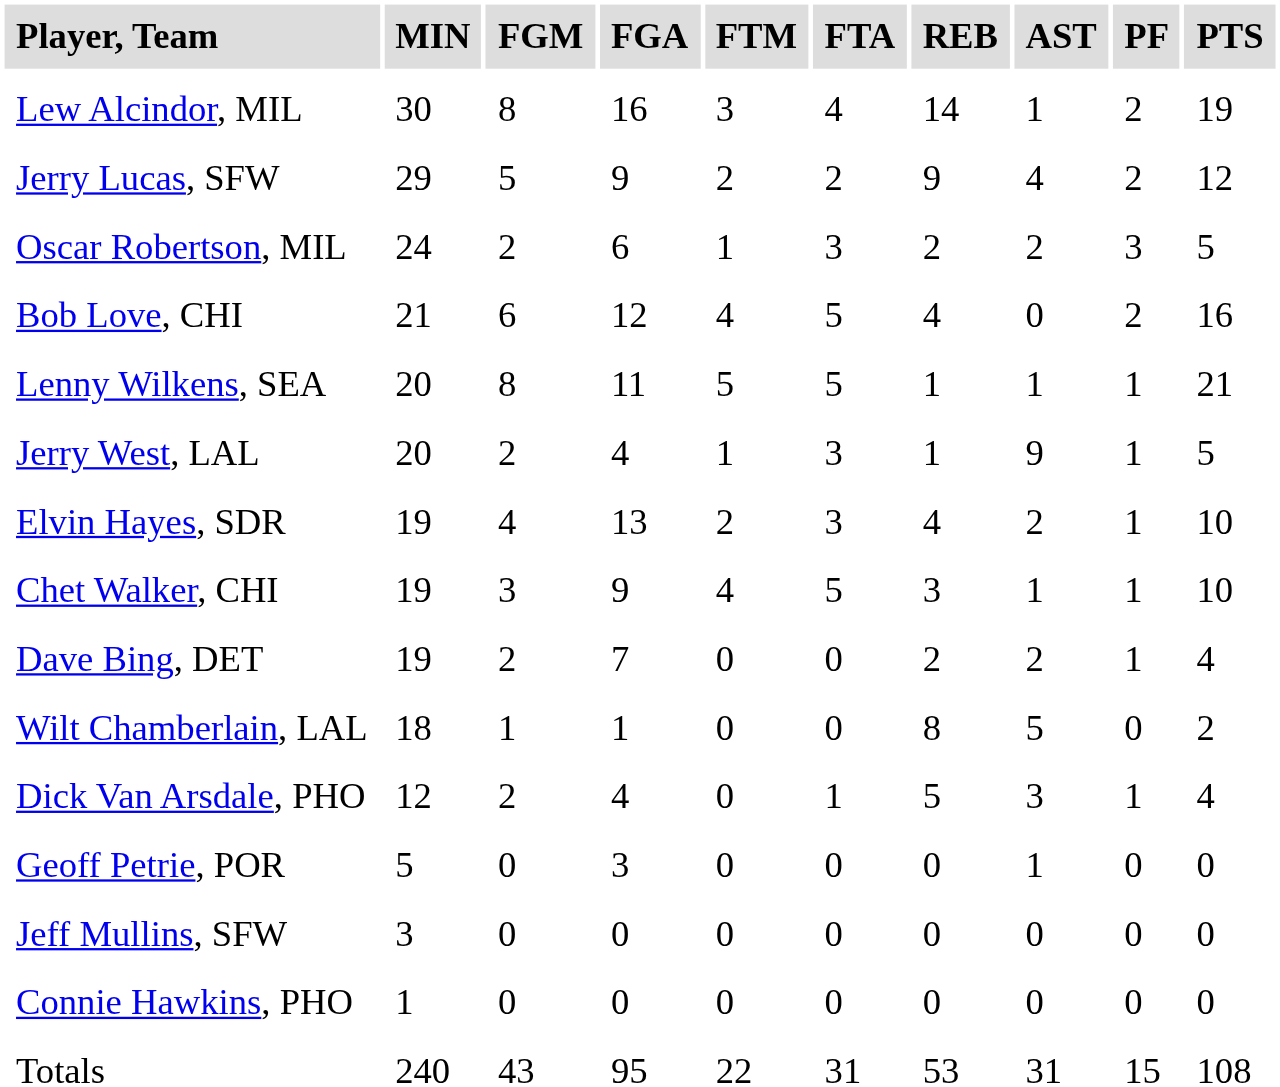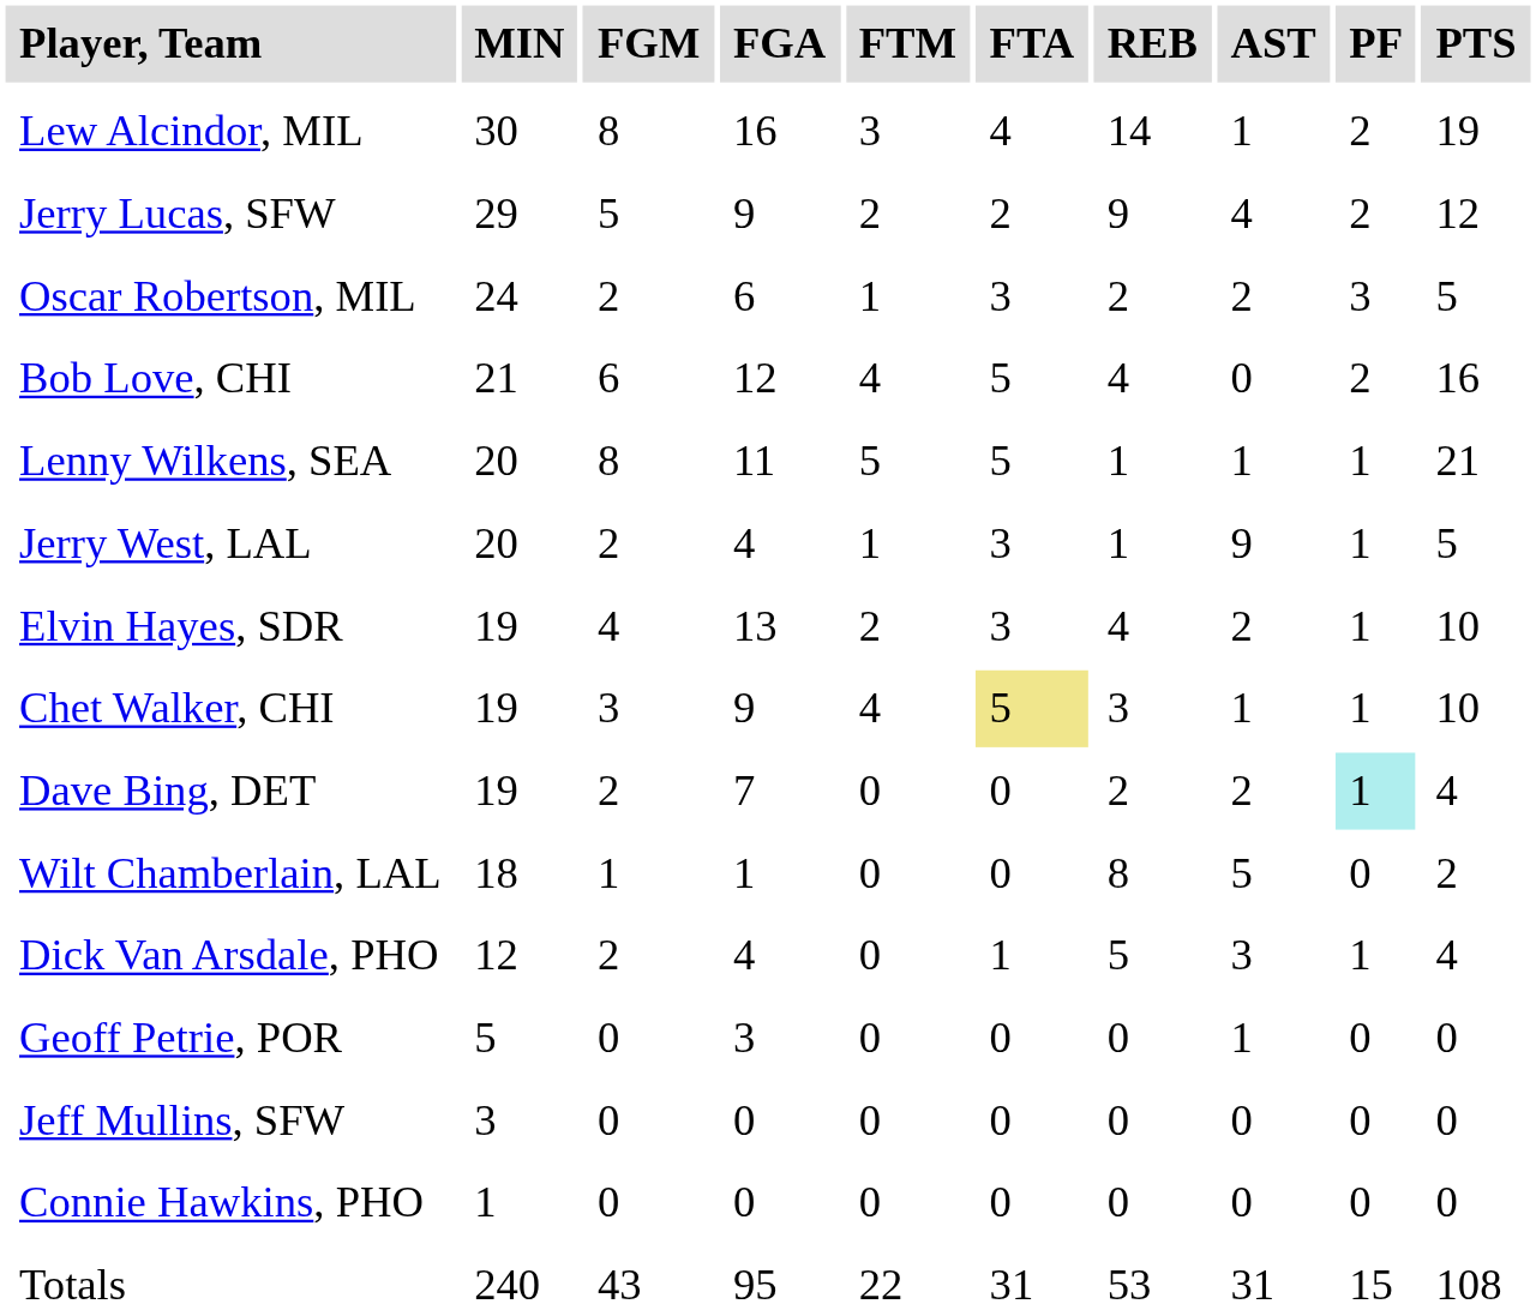 <table cellpadding=5>
 <tr bgcolor="#dddddd">
 <td><strong>Player, Team</strong></td>
 <td><strong>MIN</strong></td>
 <td><strong>FGM</strong></td>
 <td><strong>FGA</strong></td>
 <td><strong>FTM</strong></td>
 <td><strong>FTA</strong></td>
 <td><strong>REB</strong></td>
 <td><strong>AST</strong></td>
 <td><strong>PF</strong></td>
 <td><strong>PTS</strong></td>
 </tr>
 <tr bgcolor="#eeeeee">
 </tr>
 <tr>
 <td><a href='#'>Lew Alcindor</a>, MIL</td>
 <td>30</td>
 <td>8</td>
 <td>16</td>
 <td>3</td>
 <td>4</td>
 <td>14</td>
 <td>1</td>
 <td>2</td>
 <td>19</td>
 </tr>
 <tr>
 <td><a href='#'>Jerry Lucas</a>, SFW</td>
 <td>29</td>
 <td>5</td>
 <td>9</td>
 <td>2</td>
 <td>2</td>
 <td>9</td>
 <td>4</td>
 <td>2</td>
 <td>12</td>
 </tr>
 <tr>
 <td><a href='#'>Oscar Robertson</a>, MIL</td>
 <td>24</td>
 <td>2</td>
 <td>6</td>
 <td>1</td>
 <td>3</td>
 <td>2</td>
 <td>2</td>
 <td>3</td>
 <td>5</td>
 </tr>
 <tr>
 <td><a href='#'>Bob Love</a>, CHI</td>
 <td>21</td>
 <td>6</td>
 <td>12</td>
 <td>4</td>
 <td>5</td>
 <td>4</td>
 <td>0</td>
 <td>2</td>
 <td>16</td>
 </tr>
 <tr>
 <td><a href='#'>Lenny Wilkens</a>, SEA</td>
 <td>20</td>
 <td>8</td>
 <td>11</td>
 <td>5</td>
 <td>5</td>
 <td>1</td>
 <td>1</td>
 <td>1</td>
 <td>21</td>
 </tr>
 <tr>
 <td><a href='#'>Jerry West</a>, LAL</td>
 <td>20</td>
 <td>2</td>
 <td>4</td>
 <td>1</td>
 <td>3</td>
 <td>1</td>
 <td>9</td>
 <td>1</td>
 <td>5</td>
 </tr>
 <tr>
 <td><a href='#'>Elvin Hayes</a>, SDR</td>
 <td>19</td>
 <td>4</td>
 <td>13</td>
 <td>2</td>
 <td>3</td>
 <td>4</td>
 <td>2</td>
 <td>1</td>
 <td>10</td>
 </tr>
 <tr>
 <td><a href='#'>Chet Walker</a>, CHI</td>
 <td>19</td>
 <td>3</td>
 <td>9</td>
 <td>4</td>
-<td>5</td>
+<td style="background: khaki;">5</td>
 <td>3</td>
 <td>1</td>
 <td>1</td>
 <td>10</td>
 </tr>
 <tr>
 <td><a href='#'>Dave Bing</a>, DET</td>
 <td>19</td>
 <td>2</td>
 <td>7</td>
 <td>0</td>
 <td>0</td>
 <td>2</td>
 <td>2</td>
-<td>1</td>
+<td style="background: paleturquoise;">1</td>
 <td>4</td>
 </tr>
 <tr>
 <td><a href='#'>Wilt Chamberlain</a>, LAL</td>
 <td>18</td>
 <td>1</td>
 <td>1</td>
 <td>0</td>
 <td>0</td>
 <td>8</td>
 <td>5</td>
 <td>0</td>
 <td>2</td>
 </tr>
 <tr>
 <td><a href='#'>Dick Van Arsdale</a>, PHO</td>
 <td>12</td>
 <td>2</td>
 <td>4</td>
 <td>0</td>
 <td>1</td>
 <td>5</td>
 <td>3</td>
 <td>1</td>
 <td>4</td>
 </tr>
 <tr>
 <td><a href='#'>Geoff Petrie</a>, POR</td>
 <td>5</td>
 <td>0</td>
 <td>3</td>
 <td>0</td>
 <td>0</td>
 <td>0</td>
 <td>1</td>
 <td>0</td>
 <td>0</td>
 </tr>
 <tr>
 <td><a href='#'>Jeff Mullins</a>, SFW</td>
 <td>3</td>
 <td>0</td>
 <td>0</td>
 <td>0</td>
 <td>0</td>
 <td>0</td>
 <td>0</td>
 <td>0</td>
 <td>0</td>
 </tr>
 <tr>
 <td><a href='#'>Connie Hawkins</a>, PHO</td>
 <td>1</td>
 <td>0</td>
 <td>0</td>
 <td>0</td>
 <td>0</td>
 <td>0</td>
 <td>0</td>
 <td>0</td>
 <td>0</td>
 </tr>
 <tr>
 <td>Totals</td>
 <td>240</td>
 <td>43</td>
 <td>95</td>
 <td>22</td>
 <td>31</td>
 <td>53</td>
 <td>31</td>
 <td>15</td>
 <td>108</td>
 </tr>
 <tr>
 </tr>
 </table>
